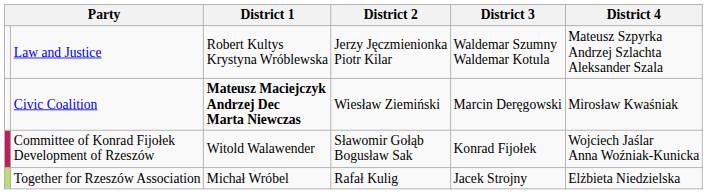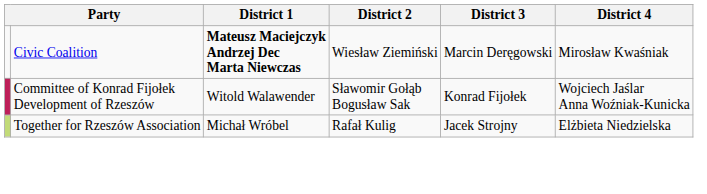 <table class="wikitable">
 <tr>
 <th colspan=2>Party</th>
 <th>District 1</th>
 <th>District 2</th>
 <th>District 3</th>
 <th>District 4</th>
-</tr>
-<tr>
-<td style="background:"></td>
-<td><a href='#'>Law and Justice</a></td>
-<td>Robert Kultys<br>Krystyna Wróblewska</td>
-<td>Jerzy Jęczmienionka<br>Piotr Kilar</td>
-<td>Waldemar Szumny<br>Waldemar Kotula</td>
-<td>Mateusz Szpyrka<br>Andrzej Szlachta<br>Aleksander Szala</td>
 </tr>
 <tr>
 <td style="background:"></td>
 <td><a href='#'>Civic Coalition</a></td>
 <td><strong>Mateusz Maciejczyk<br>Andrzej Dec<br>Marta Niewczas</strong></td>
 <td>Wiesław Ziemiński</td>
 <td>Marcin Deręgowski</td>
 <td>Mirosław Kwaśniak</td>
 </tr>
 <tr>
 <td style="background:#BE1F59"></td>
 <td>Committee of Konrad Fijołek<br>Development of Rzeszów</td>
 <td>Witold Walawender</td>
 <td>Sławomir Gołąb<br>Bogusław Sak</td>
 <td>Konrad Fijołek</td>
 <td>Wojciech Jaślar<br>Anna Woźniak-Kunicka</td>
 </tr>
 <tr>
 <td style="background:#C2DB78"></td>
 <td>Together for Rzeszów Association</td>
 <td>Michał Wróbel</td>
 <td>Rafał Kulig</td>
 <td>Jacek Strojny</td>
 <td>Elżbieta Niedzielska</td>
 </tr>
 </table>
